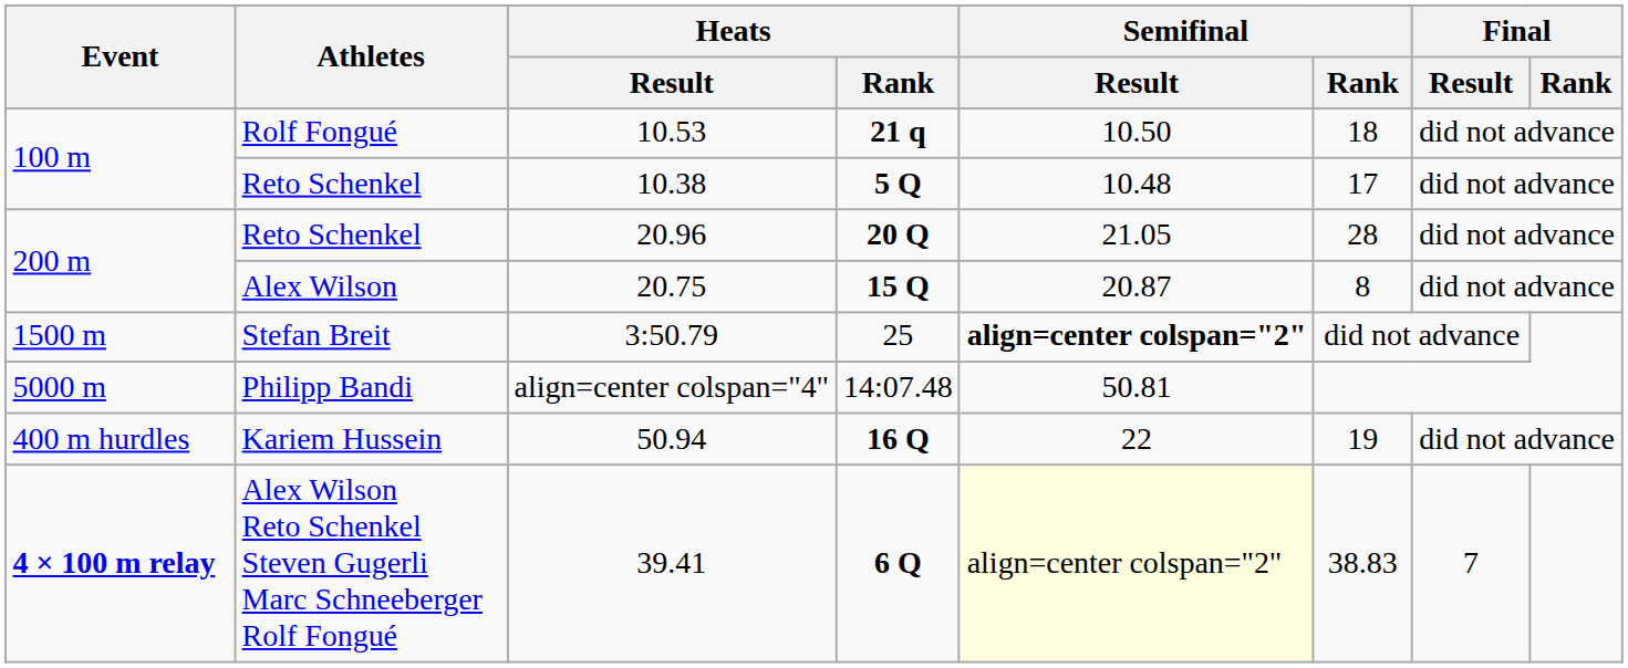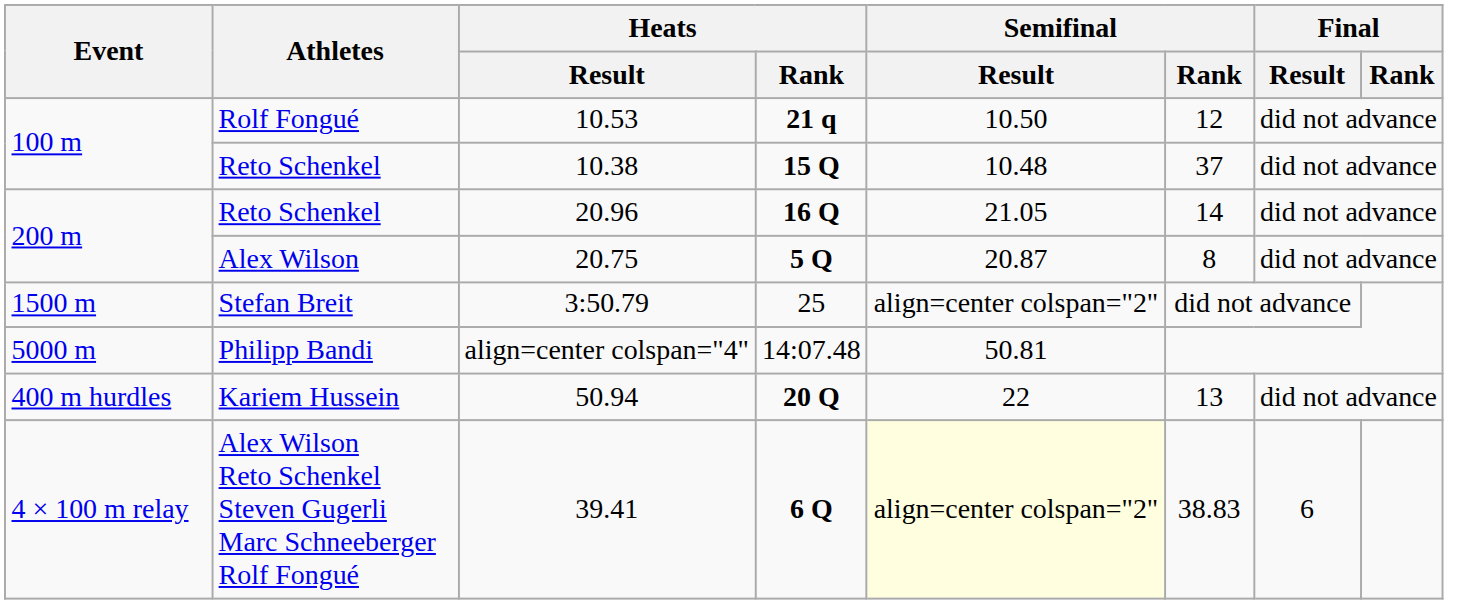 <table class="wikitable" border="1" style="font-size:90%">
 <tr>
 <th rowspan="2" width=100>Event</th>
 <th rowspan="2" width=120>Athletes</th>
 <th colspan="2">Heats</th>
 <th colspan="2">Semifinal</th>
 <th colspan="2">Final</th>
 </tr>
 <tr>
 <th>Result</th>
 <th>Rank</th>
 <th>Result</th>
 <th>Rank</th>
 <th>Result</th>
 <th>Rank</th>
 </tr>
 <tr>
 <td rowspan=2><a href='#'>100 m</a></td>
 <td><a href='#'>Rolf Fongué</a></td>
 <td align=center>10.53</td>
 <td align=center><strong>21 q</strong></td>
 <td align=center>10.50</td>
-<td align=center>18</td>
+<td align=center>12</td>
 <td align=center colspan="2">did not advance</td>
 </tr>
 <tr>
 <td><a href='#'>Reto Schenkel</a></td>
 <td align=center>10.38</td>
-<td align=center><strong>5 Q</strong></td>
+<td align=center><strong>15 Q</strong></td>
 <td align=center>10.48</td>
-<td align=center>17</td>
+<td align=center>37</td>
 <td align=center colspan="2">did not advance</td>
 </tr>
 <tr>
 <td rowspan=2><a href='#'>200 m</a></td>
 <td><a href='#'>Reto Schenkel</a></td>
 <td align=center>20.96</td>
-<td align=center><strong>20 Q</strong></td>
+<td align=center><strong>16 Q</strong></td>
 <td align=center>21.05</td>
-<td align=center>28</td>
+<td align=center>14</td>
 <td align=center colspan="2">did not advance</td>
 </tr>
 <tr>
 <td><a href='#'>Alex Wilson</a></td>
 <td align=center>20.75</td>
-<td align=center><strong>15 Q</strong></td>
+<td align=center><strong>5 Q</strong></td>
 <td align=center>20.87</td>
 <td align=center>8</td>
 <td align=center colspan="2">did not advance</td>
 </tr>
 <tr>
 <td><a href='#'>1500 m</a></td>
 <td><a href='#'>Stefan Breit</a></td>
 <td align=center>3:50.79</td>
 <td align=center>25</td>
-<td><strong>align=center colspan="2" </strong></td>
+<td>align=center colspan="2" </td>
 <td align=center colspan="2">did not advance</td>
 </tr>
 <tr>
 <td><a href='#'>5000 m</a></td>
 <td><a href='#'>Philipp Bandi</a></td>
 <td>align=center colspan="4" </td>
 <td align=center>14:07.48</td>
 <td align=center>50.81</td>
 </tr>
 <tr>
 <td><a href='#'>400 m hurdles</a></td>
 <td><a href='#'>Kariem Hussein</a></td>
 <td align=center>50.94</td>
-<td align=center><strong>16 Q</strong></td>
+<td align=center><strong>20 Q</strong></td>
 <td align=center>22</td>
-<td align=center>19</td>
+<td align=center>13</td>
 <td align=center colspan="4">did not advance</td>
 </tr>
 <tr>
-<td><strong><a href='#'>4 × 100 m relay</a></strong></td>
+<td><a href='#'>4 × 100 m relay</a></td>
 <td><a href='#'>Alex Wilson</a><br><a href='#'>Reto Schenkel</a><br><a href='#'>Steven Gugerli</a><br><a href='#'>Marc Schneeberger</a><br><a href='#'>Rolf Fongué</a></td>
 <td align=center>39.41</td>
 <td align=center><strong>6 Q</strong></td>
 <td style="background: lightyellow;">align=center colspan="2" </td>
 <td align=center>38.83</td>
-<td align=center>7</td>
+<td align=center>6</td>
 </tr>
 </table>
